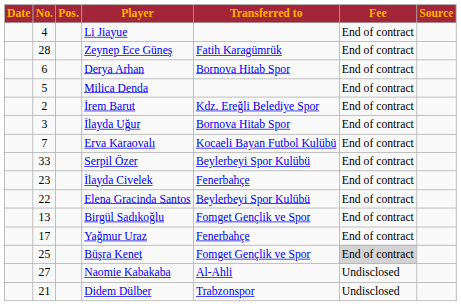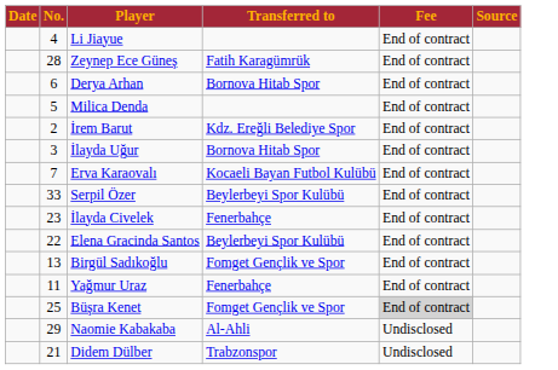 <table class="wikitable plainrowheaders sortable">
 <tr>
 <th style="background:#A32638; color:#FFB300; ">Date</th>
 <th style="background:#A32638; color:#FFB300; ">No.</th>
-<th style="background:#A32638; color:#FFB300; ">Pos.</th>
 <th style="background:#A32638; color:#FFB300; ">Player</th>
 <th style="background:#A32638; color:#FFB300; ">Transferred to</th>
 <th style="background:#A32638; color:#FFB300; ">Fee</th>
 <th style="background:#A32638; color:#FFB300; ">Source</th>
 </tr>
 <tr>
 <td></td>
 <td align=center>4</td>
-<td align=center></td>
 <td> <a href='#'>Li Jiayue</a></td>
 <td></td>
 <td>End of contract</td>
 <td align=center></td>
 </tr>
 <tr>
 <td></td>
 <td align=center>28</td>
-<td align=center></td>
 <td> <a href='#'>Zeynep Ece Güneş</a></td>
 <td> <a href='#'>Fatih Karagümrük</a></td>
 <td>End of contract</td>
 <td align=center></td>
 </tr>
 <tr>
 <td></td>
 <td align=center>6</td>
-<td align=center></td>
 <td> <a href='#'>Derya Arhan</a></td>
 <td> <a href='#'>Bornova Hitab Spor</a></td>
 <td>End of contract</td>
 <td align=center></td>
 </tr>
 <tr>
 <td></td>
 <td align=center>5</td>
-<td align=center></td>
 <td> <a href='#'>Milica Denda</a></td>
 <td></td>
 <td>End of contract</td>
 <td align=center></td>
 </tr>
 <tr>
 <td></td>
 <td align=center>2</td>
-<td align=center></td>
 <td> <a href='#'>İrem Barut</a></td>
 <td> <a href='#'>Kdz. Ereğli Belediye Spor</a></td>
 <td>End of contract</td>
 <td align=center></td>
 </tr>
 <tr>
 <td></td>
 <td align=center>3</td>
-<td align=center></td>
 <td> <a href='#'>İlayda Uğur</a></td>
 <td> <a href='#'>Bornova Hitab Spor</a></td>
 <td>End of contract</td>
 <td align=center></td>
 </tr>
 <tr>
 <td></td>
 <td align=center>7</td>
-<td align=center></td>
 <td> <a href='#'>Erva Karaovalı</a></td>
 <td> <a href='#'>Kocaeli Bayan Futbol Kulübü</a></td>
 <td>End of contract</td>
 <td align=center></td>
 </tr>
 <tr>
 <td></td>
 <td align=center>33</td>
-<td align=center></td>
 <td> <a href='#'>Serpil Özer</a></td>
 <td> <a href='#'>Beylerbeyi Spor Kulübü</a></td>
 <td>End of contract</td>
 <td align=center></td>
 </tr>
 <tr>
 <td></td>
 <td align=center>23</td>
-<td align=center></td>
 <td> <a href='#'>İlayda Civelek</a></td>
 <td> <a href='#'>Fenerbahçe</a></td>
 <td>End of contract</td>
 <td align=center></td>
 </tr>
 <tr>
 <td></td>
 <td align=center>22</td>
-<td align=center></td>
 <td> <a href='#'>Elena Gracinda Santos</a></td>
 <td> <a href='#'>Beylerbeyi Spor Kulübü</a></td>
 <td>End of contract</td>
 <td align=center></td>
 </tr>
 <tr>
 <td></td>
 <td align=center>13</td>
-<td align=center></td>
 <td> <a href='#'>Birgül Sadıkoğlu</a></td>
 <td> <a href='#'>Fomget Gençlik ve Spor</a></td>
 <td>End of contract</td>
 <td align=center></td>
 </tr>
 <tr>
 <td></td>
-<td align=center>17</td>
-<td align=center></td>
+<td align=center>11</td>
 <td> <a href='#'>Yağmur Uraz</a></td>
 <td> <a href='#'>Fenerbahçe</a></td>
 <td>End of contract</td>
 <td align=center></td>
 </tr>
 <tr>
 <td></td>
 <td align=center>25</td>
-<td align=center></td>
 <td> <a href='#'>Büşra Kenet</a></td>
 <td> <a href='#'>Fomget Gençlik ve Spor</a></td>
 <td style="background: lightgrey;">End of contract</td>
 <td align=center></td>
 </tr>
 <tr>
 <td></td>
-<td align=center>27</td>
-<td align=center></td>
+<td align=center>29</td>
 <td> <a href='#'>Naomie Kabakaba</a></td>
 <td> <a href='#'>Al-Ahli</a></td>
 <td>Undisclosed</td>
 <td align=center></td>
 </tr>
 <tr>
 <td></td>
 <td align=center>21</td>
-<td align=center></td>
 <td> <a href='#'>Didem Dülber</a></td>
 <td> <a href='#'>Trabzonspor</a></td>
 <td>Undisclosed</td>
 <td align=center></td>
 </tr>
 </table>
